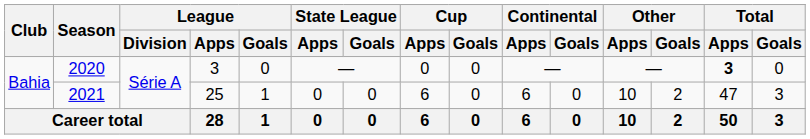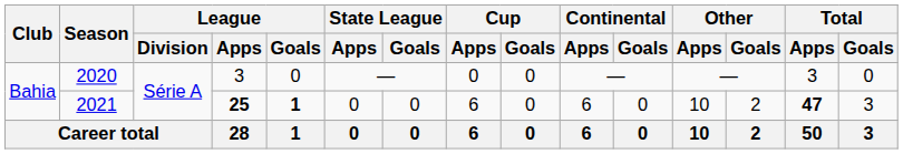 <table class=wikitable style=text-align:center>
 <tr>
 <th rowspan=2>Club</th>
 <th rowspan=2>Season</th>
 <th colspan=3>League</th>
 <th colspan=2>State League</th>
 <th colspan=2>Cup</th>
 <th colspan=2>Continental</th>
 <th colspan=2>Other</th>
 <th colspan=2>Total</th>
 </tr>
 <tr>
 <th>Division</th>
 <th>Apps</th>
 <th>Goals</th>
 <th>Apps</th>
 <th>Goals</th>
 <th>Apps</th>
 <th>Goals</th>
 <th>Apps</th>
 <th>Goals</th>
 <th>Apps</th>
 <th>Goals</th>
 <th>Apps</th>
 <th>Goals</th>
 </tr>
 <tr>
 <td rowspan=2><a href='#'>Bahia</a></td>
 <td><a href='#'>2020</a></td>
 <td rowspan=2><a href='#'>Série A</a></td>
 <td>3</td>
 <td>0</td>
 <td colspan=2>—</td>
 <td>0</td>
 <td>0</td>
 <td colspan=2>—</td>
 <td colspan=2>—</td>
-<td><strong>3</strong></td>
+<td>3</td>
 <td>0</td>
 </tr>
 <tr>
 <td><a href='#'>2021</a></td>
-<td>25</td>
-<td>1</td>
+<td><strong>25</strong></td>
+<td><strong>1</strong></td>
 <td>0</td>
 <td>0</td>
 <td>6</td>
 <td>0</td>
 <td>6</td>
 <td>0</td>
 <td>10</td>
 <td>2</td>
-<td>47</td>
+<td><strong>47</strong></td>
 <td>3</td>
 </tr>
 <tr>
 <th colspan=3>Career total</th>
 <th>28</th>
 <th>1</th>
 <th>0</th>
 <th>0</th>
 <th>6</th>
 <th>0</th>
 <th>6</th>
 <th>0</th>
 <th>10</th>
 <th>2</th>
 <th>50</th>
 <th>3</th>
 </tr>
 </table>
